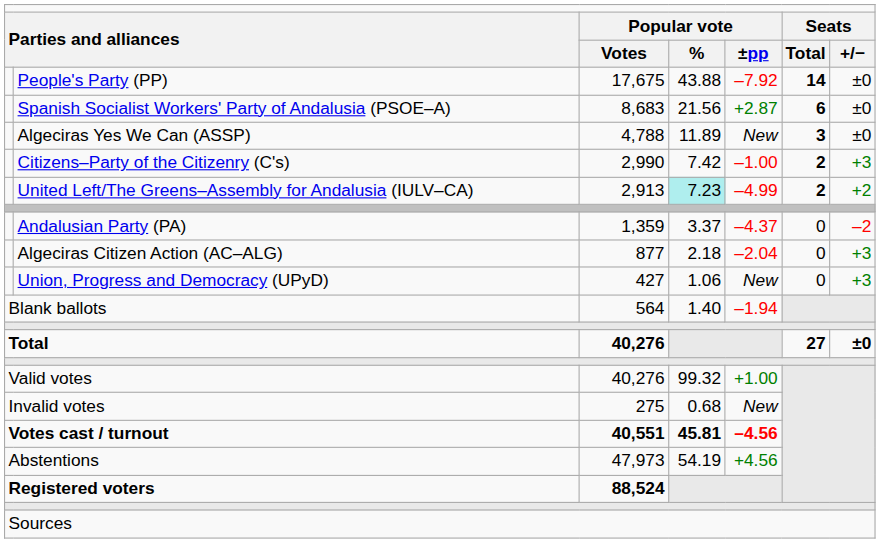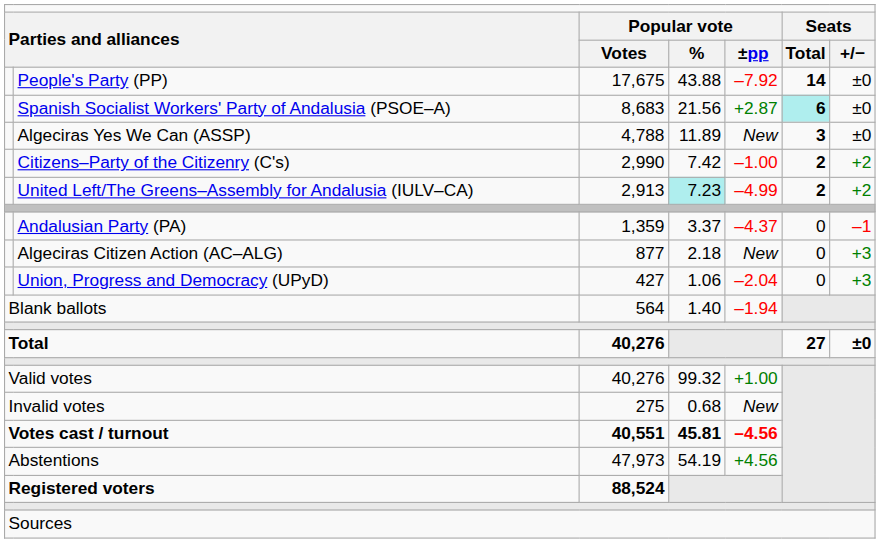 <table class="wikitable" style="text-align:right;">
 <tr>
 <td colspan="7"></td>
 </tr>
 <tr>
 <th style="text-align:left;" rowspan="2" colspan="2" width="525">Parties and alliances</th>
 <th colspan="3">Popular vote</th>
 <th colspan="2">Seats</th>
 </tr>
 <tr>
 <th width="75">Votes</th>
 <th width="45">%</th>
 <th width="45">±<a href='#'>pp</a></th>
 <th width="35">Total</th>
 <th width="35">+/−</th>
 </tr>
 <tr>
 <td width="1" style="color:inherit;background:"></td>
 <td align="left"><a href='#'>People's Party</a> (PP)</td>
 <td>17,675</td>
 <td>43.88</td>
 <td style="color:red;">–7.92</td>
 <td><strong>14</strong></td>
 <td>±0</td>
 </tr>
 <tr>
 <td style="color:inherit;background:"></td>
 <td align="left"><a href='#'>Spanish Socialist Workers' Party of Andalusia</a> (PSOE–A)</td>
 <td>8,683</td>
 <td>21.56</td>
 <td style="color:green;">+2.87</td>
-<td><strong>6</strong></td>
+<td style="background: paleturquoise;"><strong>6</strong></td>
 <td>±0</td>
 </tr>
 <tr>
 <td style="color:inherit;background:"></td>
 <td align="left">Algeciras Yes We Can (ASSP)</td>
 <td>4,788</td>
 <td>11.89</td>
 <td><em>New</em></td>
 <td><strong>3</strong></td>
 <td>±0</td>
 </tr>
 <tr>
 <td style="color:inherit;background:"></td>
 <td align="left"><a href='#'>Citizens–Party of the Citizenry</a> (C's)</td>
 <td>2,990</td>
 <td>7.42</td>
 <td style="color:red;">–1.00</td>
 <td><strong>2</strong></td>
-<td style="color:green;">+3</td>
+<td style="color:green;">+2</td>
 </tr>
 <tr>
 <td style="color:inherit;background:"></td>
 <td align="left"><a href='#'>United Left/The Greens–Assembly for Andalusia</a> (IULV–CA)</td>
 <td>2,913</td>
 <td style="background: paleturquoise;">7.23</td>
 <td style="color:red;">–4.99</td>
 <td><strong>2</strong></td>
 <td style="color:green;">+2</td>
 </tr>
 <tr>
 <td colspan="7" bgcolor="#C0C0C0"></td>
 </tr>
 <tr>
 <td style="color:inherit;background:"></td>
 <td align="left"><a href='#'>Andalusian Party</a> (PA)</td>
 <td>1,359</td>
 <td>3.37</td>
 <td style="color:red;">–4.37</td>
 <td>0</td>
-<td style="color:red;">–2</td>
+<td style="color:red;">–1</td>
 </tr>
 <tr>
 <td style="color:inherit;background:"></td>
 <td align="left">Algeciras Citizen Action (AC–ALG)</td>
 <td>877</td>
 <td>2.18</td>
-<td style="color:red;">–2.04</td>
+<td><em>New</em></td>
 <td>0</td>
 <td style="color:green;">+3</td>
 </tr>
 <tr>
 <td style="color:inherit;background:"></td>
 <td align="left"><a href='#'>Union, Progress and Democracy</a> (UPyD)</td>
 <td>427</td>
 <td>1.06</td>
-<td><em>New</em></td>
+<td style="color:red;">–2.04</td>
 <td>0</td>
 <td style="color:green;">+3</td>
 </tr>
 <tr>
 <td align="left" colspan="2">Blank ballots</td>
 <td>564</td>
 <td>1.40</td>
 <td style="color:red;">–1.94</td>
 <td bgcolor="#E9E9E9" colspan="2"></td>
 </tr>
 <tr>
 <td colspan="7" bgcolor="#E9E9E9"></td>
 </tr>
 <tr style="font-weight:bold;">
 <td align="left" colspan="2">Total</td>
 <td>40,276</td>
 <td bgcolor="#E9E9E9" colspan="2"></td>
 <td>27</td>
 <td>±0</td>
 </tr>
 <tr>
 <td colspan="7" bgcolor="#E9E9E9"></td>
 </tr>
 <tr>
 <td align="left" colspan="2">Valid votes</td>
 <td>40,276</td>
 <td>99.32</td>
 <td style="color:green;">+1.00</td>
 <td bgcolor="#E9E9E9" colspan="2" rowspan="5"></td>
 </tr>
 <tr>
 <td align="left" colspan="2">Invalid votes</td>
 <td>275</td>
 <td>0.68</td>
 <td><em>New</em></td>
 </tr>
 <tr style="font-weight:bold;">
 <td align="left" colspan="2">Votes cast / turnout</td>
 <td>40,551</td>
 <td>45.81</td>
 <td style="color:red;">–4.56</td>
 </tr>
 <tr>
 <td align="left" colspan="2">Abstentions</td>
 <td>47,973</td>
 <td>54.19</td>
 <td style="color:green;">+4.56</td>
 </tr>
 <tr style="font-weight:bold;">
 <td align="left" colspan="2">Registered voters</td>
 <td>88,524</td>
 <td bgcolor="#E9E9E9" colspan="2"></td>
 </tr>
 <tr>
 <td colspan="7" bgcolor="#E9E9E9"></td>
 </tr>
 <tr>
 <td align="left" colspan="7">Sources</td>
 </tr>
 </table>
